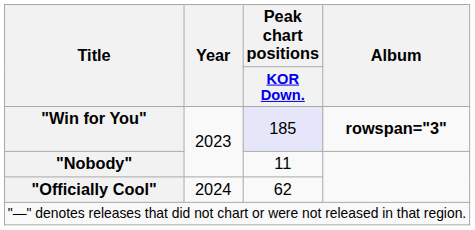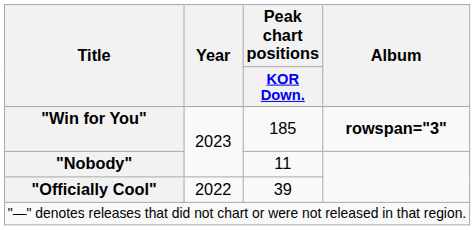 <table class="wikitable plainrowheaders" style="text-align:center">
 <tr>
 <th scope="col" rowspan="2">Title</th>
 <th scope="col" rowspan="2">Year</th>
 <th scope="col" colspan="1">Peak<br>chart<br>positions</th>
 <th scope="col" rowspan="2">Album</th>
 </tr>
 <tr>
 <th scope="col" style="width:3em;font-size:90%"><a href='#'>KOR<br>Down.</a><br></th>
 </tr>
 <tr>
 <th scope="row">"Win for You"<br><br></th>
 <td rowspan="2">2023</td>
-<td style="background: lavender;">185</td>
+<td>185</td>
 <td><strong>rowspan="3" </strong></td>
 </tr>
 <tr>
 <th scope="row">"Nobody"<br></th>
 <td>11</td>
 </tr>
 <tr>
 <th scope="row">"Officially Cool"<br></th>
-<td>2024</td>
-<td>62</td>
+<td>2022</td>
+<td>39</td>
 </tr>
 <tr>
 <td colspan="5" style="font-size:85%">"—" denotes releases that did not chart or were not released in that region.</td>
 </tr>
 </table>
